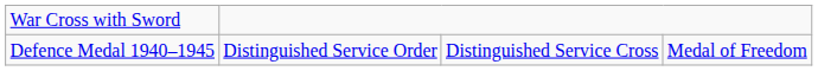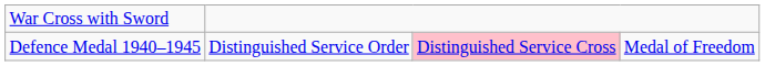 <table class="wikitable" style="margin:1em auto;">
 <tr>
 <td><a href='#'>War Cross with Sword</a> </td>
 </tr>
 <tr>
 <td><a href='#'>Defence Medal 1940–1945</a></td>
 <td><a href='#'>Distinguished Service Order</a></td>
-<td><a href='#'>Distinguished Service Cross</a></td>
+<td style="background: pink;"><a href='#'>Distinguished Service Cross</a></td>
 <td><a href='#'>Medal of Freedom</a></td>
 </tr>
 </table>
